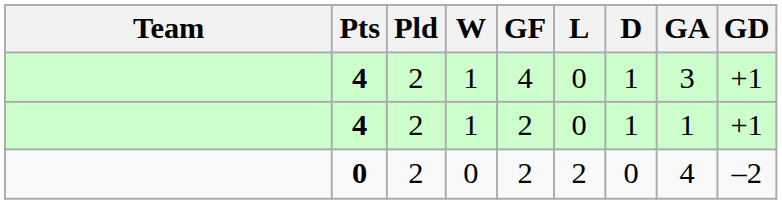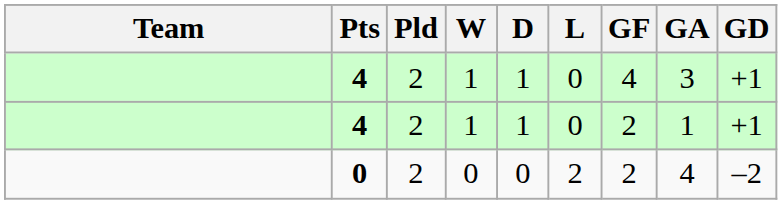 <table class=wikitable style="text-align:center">
 <tr>
 <th width=165>Team</th>
 <th width=20>Pts</th>
 <th width=20>Pld</th>
 <th width=20>W</th>
+<th width=20>D</th>
+<th width=20>L</th>
 <th width=20>GF</th>
-<th width=20>L</th>
-<th width=20>D</th>
 <th width=20>GA</th>
 <th width=20>GD</th>
 </tr>
 <tr align=center style="background:#ccffcc;">
 <td style="text-align:left;"></td>
 <td><strong>4</strong></td>
 <td>2</td>
 <td>1</td>
+<td>1</td>
+<td>0</td>
 <td>4</td>
-<td>0</td>
-<td>1</td>
 <td>3</td>
 <td>+1</td>
 </tr>
 <tr align=center style="background:#ccffcc;">
 <td style="text-align:left;"></td>
 <td><strong>4</strong></td>
 <td>2</td>
 <td>1</td>
+<td>1</td>
+<td>0</td>
 <td>2</td>
-<td>0</td>
-<td>1</td>
 <td>1</td>
 <td>+1</td>
 </tr>
 <tr align=center>
 <td style="text-align:left;"></td>
 <td><strong>0</strong></td>
 <td>2</td>
 <td>0</td>
+<td>0</td>
 <td>2</td>
 <td>2</td>
-<td>0</td>
 <td>4</td>
 <td>–2</td>
 </tr>
 </table>
